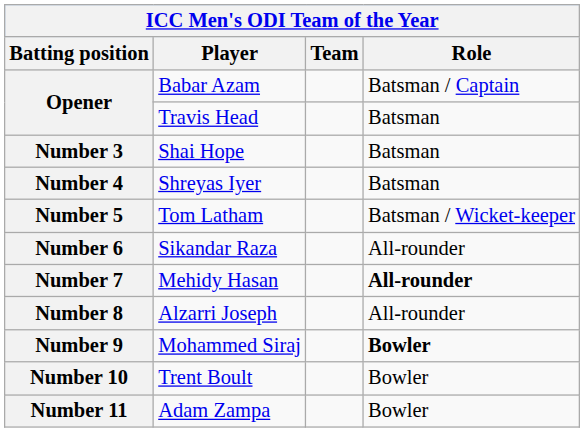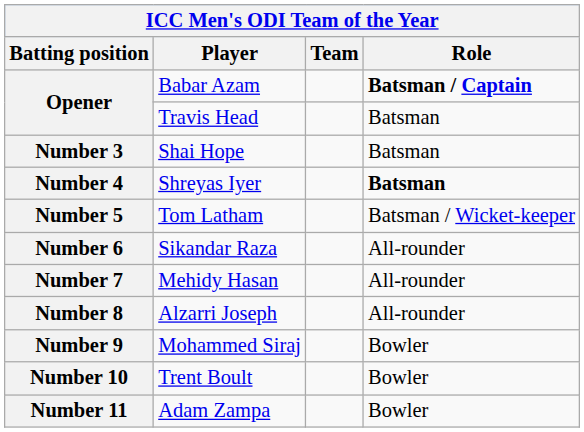 <table class="wikitable plainrowheaders">
 <tr style="background:#9cf;">
 <th colspan="5"><a href='#'>ICC Men's ODI Team of the Year</a></th>
 </tr>
 <tr>
 <th>Batting position</th>
 <th>Player</th>
 <th>Team</th>
 <th>Role</th>
 </tr>
 <tr>
 <th scope=row style=text-align:center; rowspan=2>Opener</th>
 <td><a href='#'>Babar Azam</a></td>
 <td></td>
-<td>Batsman / <a href='#'>Captain</a></td>
+<td><strong>Batsman / <a href='#'>Captain</a></strong></td>
 </tr>
 <tr>
 <td><a href='#'>Travis Head</a></td>
 <td></td>
 <td>Batsman</td>
 </tr>
 <tr>
 <th scope=row style=text-align:center;>Number 3</th>
 <td><a href='#'>Shai Hope</a></td>
 <td></td>
 <td>Batsman</td>
 </tr>
 <tr>
 <th scope=row style=text-align:center;>Number 4</th>
 <td><a href='#'>Shreyas Iyer</a></td>
 <td></td>
-<td>Batsman</td>
+<td><strong>Batsman</strong></td>
 </tr>
 <tr>
 <th scope=row style=text-align:center;>Number 5</th>
 <td><a href='#'>Tom Latham</a></td>
 <td></td>
 <td>Batsman / <a href='#'>Wicket-keeper</a></td>
 </tr>
 <tr>
 <th scope=row style=text-align:center;>Number 6</th>
 <td><a href='#'>Sikandar Raza</a></td>
 <td></td>
 <td>All-rounder</td>
 </tr>
 <tr>
 <th scope=row style=text-align:center;>Number 7</th>
 <td><a href='#'>Mehidy Hasan</a></td>
 <td></td>
-<td><strong>All-rounder</strong></td>
+<td>All-rounder</td>
 </tr>
 <tr>
 <th scope=row style=text-align:center;>Number 8</th>
 <td><a href='#'>Alzarri Joseph</a></td>
 <td></td>
 <td>All-rounder</td>
 </tr>
 <tr>
 <th scope=row style=text-align:center;>Number 9</th>
 <td><a href='#'>Mohammed Siraj</a></td>
 <td></td>
-<td><strong>Bowler</strong></td>
+<td>Bowler</td>
 </tr>
 <tr>
 <th scope=row style=text-align:center;>Number 10</th>
 <td><a href='#'>Trent Boult</a></td>
 <td></td>
 <td>Bowler</td>
 </tr>
 <tr>
 <th scope=row style=text-align:center;>Number 11</th>
 <td><a href='#'>Adam Zampa</a></td>
 <td></td>
 <td>Bowler</td>
 </tr>
 </table>
